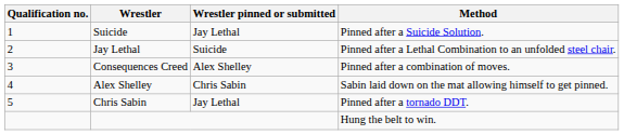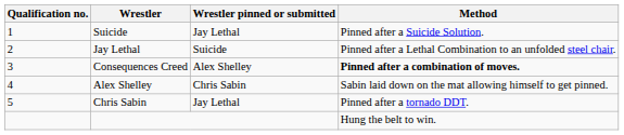 <table class="wikitable">
 <tr>
 <th>Qualification no.</th>
 <th>Wrestler</th>
 <th>Wrestler pinned or submitted</th>
 <th>Method</th>
 </tr>
 <tr>
 <td>1</td>
 <td>Suicide</td>
 <td>Jay Lethal</td>
 <td>Pinned after a <a href='#'>Suicide Solution</a>.</td>
 </tr>
 <tr>
 <td>2</td>
 <td>Jay Lethal</td>
 <td>Suicide</td>
 <td>Pinned after a Lethal Combination to an unfolded <a href='#'>steel chair</a>.</td>
 </tr>
 <tr>
 <td>3</td>
 <td>Consequences Creed</td>
 <td>Alex Shelley</td>
-<td>Pinned after a combination of moves.</td>
+<td><strong>Pinned after a combination of moves.</strong></td>
 </tr>
 <tr>
 <td>4</td>
 <td>Alex Shelley</td>
 <td>Chris Sabin</td>
 <td>Sabin laid down on the mat allowing himself to get pinned.</td>
 </tr>
 <tr>
 <td>5</td>
 <td>Chris Sabin</td>
 <td>Jay Lethal</td>
 <td>Pinned after a <a href='#'>tornado DDT</a>.</td>
 </tr>
 <tr>
 <td></td>
 <td colspan=2></td>
 <td>Hung the belt to win.</td>
 </tr>
 </table>
